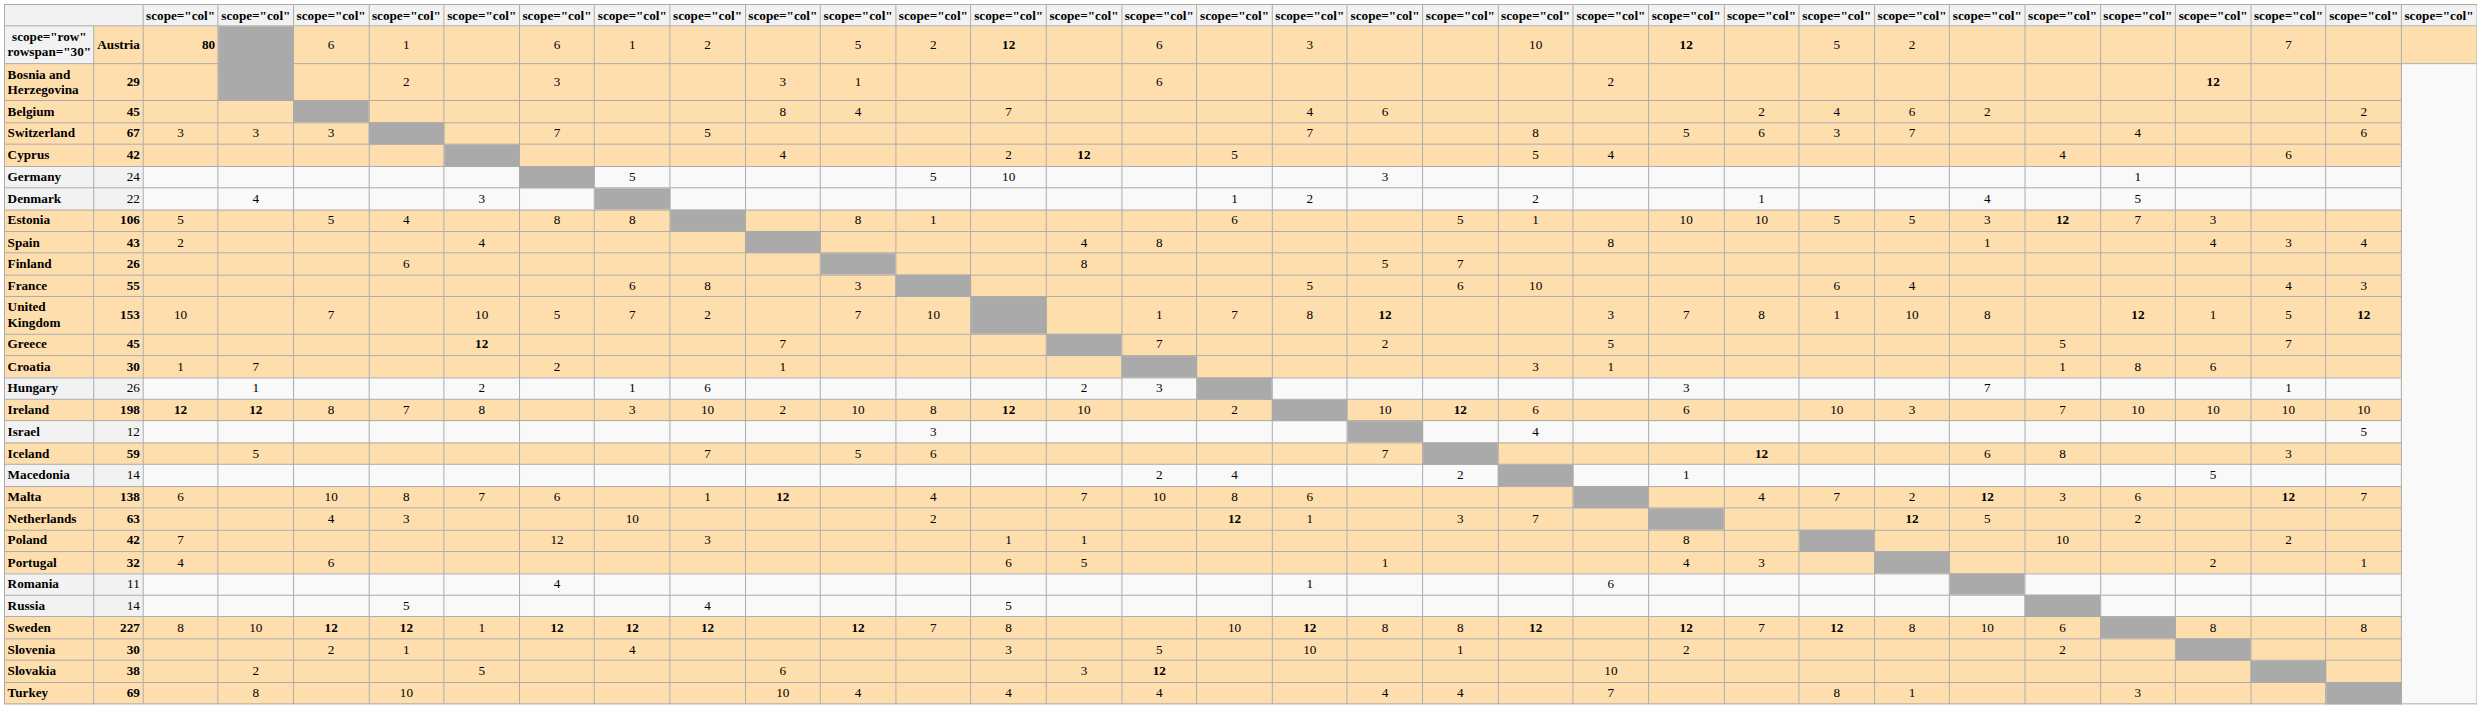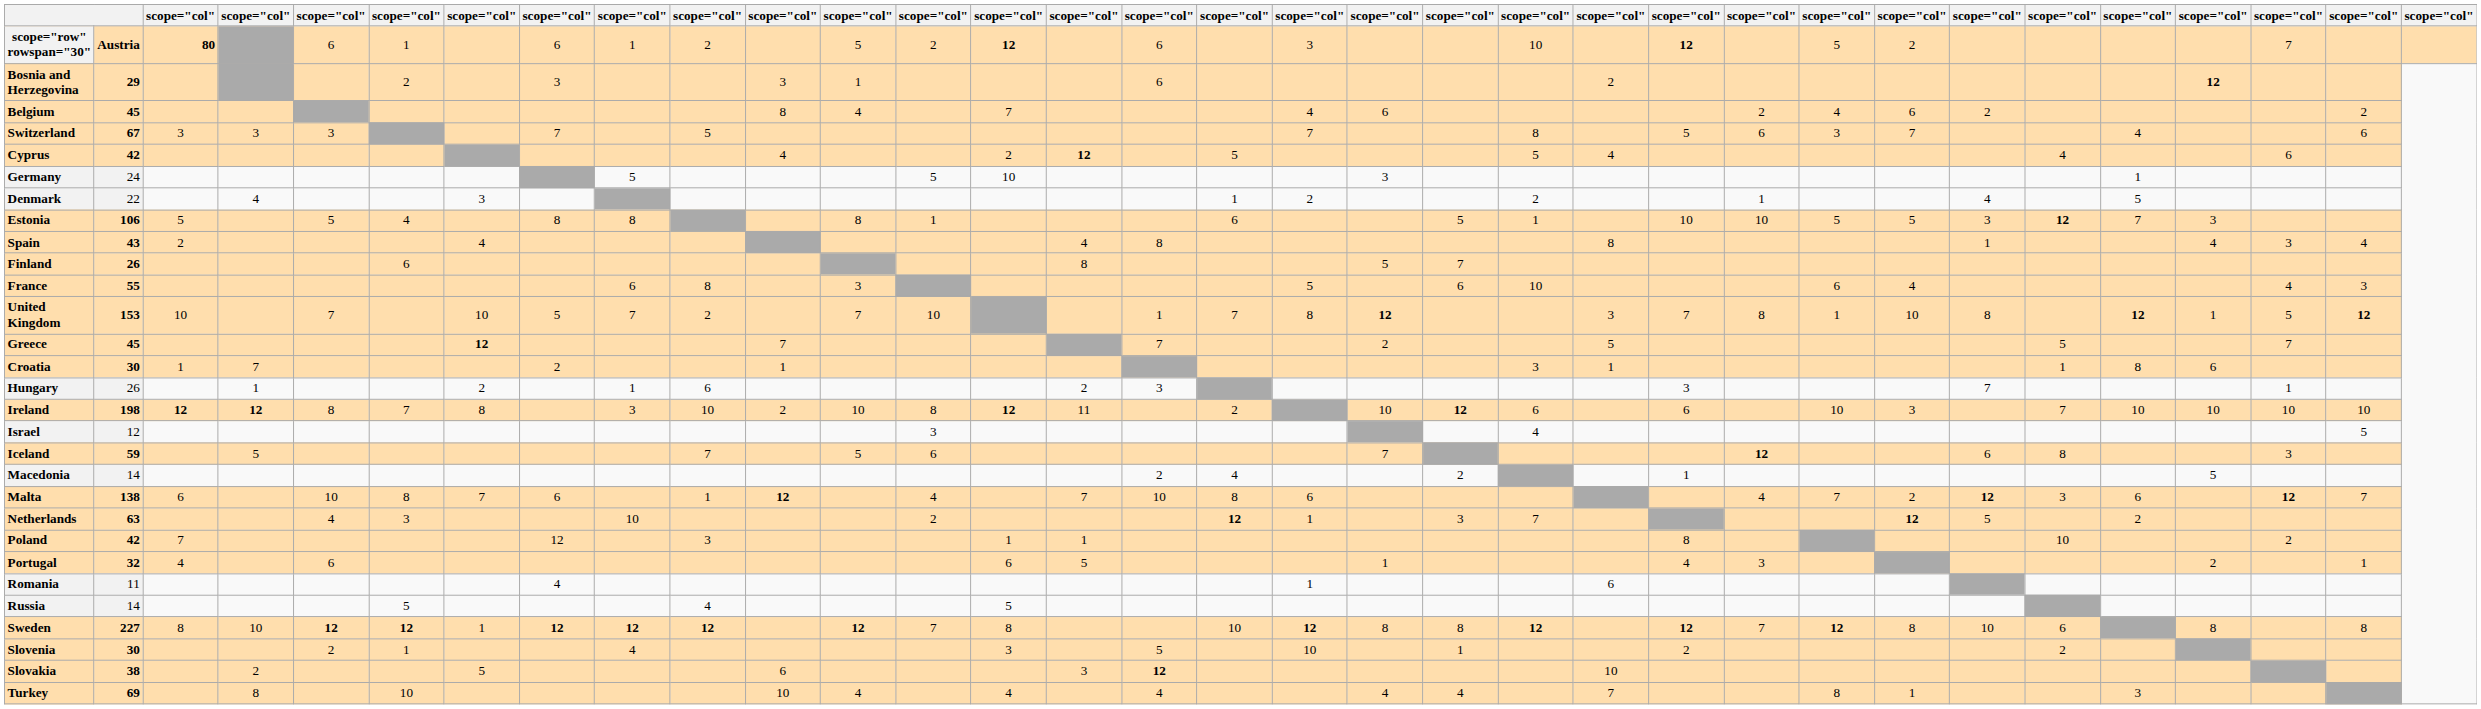 <table class="wikitable plainrowheaders" style="text-align:center; font-size:85%">
 <tr>
 </tr>
 <tr>
 <th colspan="2"></th>
 <th>scope="col" </th>
 <th>scope="col" </th>
 <th>scope="col" </th>
 <th>scope="col" </th>
 <th>scope="col" </th>
 <th>scope="col" </th>
 <th>scope="col" </th>
 <th>scope="col" </th>
 <th>scope="col" </th>
 <th>scope="col" </th>
 <th>scope="col" </th>
 <th>scope="col" </th>
 <th>scope="col" </th>
 <th>scope="col" </th>
 <th>scope="col" </th>
 <th>scope="col" </th>
 <th>scope="col" </th>
 <th>scope="col" </th>
 <th>scope="col" </th>
 <th>scope="col" </th>
 <th>scope="col" </th>
 <th>scope="col" </th>
 <th>scope="col" </th>
 <th>scope="col" </th>
 <th>scope="col" </th>
 <th>scope="col" </th>
 <th>scope="col" </th>
 <th>scope="col" </th>
 <th>scope="col" </th>
 <th>scope="col" </th>
 <th>scope="col" </th>
 </tr>
 <tr style="background:navajowhite;">
 <th>scope="row" rowspan="30" </th>
 <th scope="row" style="text-align:left; font-weight:bold; background:navajowhite;">Austria</th>
 <td style="text-align:right; font-weight:bold;">80</td>
 <td style="text-align:left; background:#aaa;"></td>
 <td>6</td>
 <td>1</td>
 <td></td>
 <td>6</td>
 <td>1</td>
 <td>2</td>
 <td></td>
 <td>5</td>
 <td>2</td>
 <td><strong>12</strong></td>
 <td></td>
 <td>6</td>
 <td></td>
 <td>3</td>
 <td></td>
 <td></td>
 <td>10</td>
 <td></td>
 <td><strong>12</strong></td>
 <td></td>
 <td>5</td>
 <td>2</td>
 <td></td>
 <td></td>
 <td></td>
 <td></td>
 <td>7</td>
 <td></td>
 <td></td>
 </tr>
 <tr style="background:navajowhite;">
 <th scope="row" style="text-align:left; font-weight:bold; background:navajowhite;">Bosnia and Herzegovina</th>
 <td style="text-align:right; font-weight:bold;">29</td>
 <td></td>
 <td style="text-align:left; background:#aaa;"></td>
 <td></td>
 <td>2</td>
 <td></td>
 <td>3</td>
 <td></td>
 <td></td>
 <td>3</td>
 <td>1</td>
 <td></td>
 <td></td>
 <td></td>
 <td>6</td>
 <td></td>
 <td></td>
 <td></td>
 <td></td>
 <td></td>
 <td>2</td>
 <td></td>
 <td></td>
 <td></td>
 <td></td>
 <td></td>
 <td></td>
 <td></td>
 <td><strong>12</strong></td>
 <td></td>
 <td></td>
 </tr>
 <tr style="background:navajowhite;">
 <th scope="row" style="text-align:left; font-weight:bold; background:navajowhite;">Belgium</th>
 <td style="text-align:right; font-weight:bold;">45</td>
 <td></td>
 <td></td>
 <td style="text-align:left; background:#aaa;"></td>
 <td></td>
 <td></td>
 <td></td>
 <td></td>
 <td></td>
 <td>8</td>
 <td>4</td>
 <td></td>
 <td>7</td>
 <td></td>
 <td></td>
 <td></td>
 <td>4</td>
 <td>6</td>
 <td></td>
 <td></td>
 <td></td>
 <td></td>
 <td>2</td>
 <td>4</td>
 <td>6</td>
 <td>2</td>
 <td></td>
 <td></td>
 <td></td>
 <td></td>
 <td>2</td>
 </tr>
 <tr style="background:navajowhite;">
 <th scope="row" style="text-align:left; font-weight:bold; background:navajowhite;">Switzerland</th>
 <td style="text-align:right; font-weight:bold;">67</td>
 <td>3</td>
 <td>3</td>
 <td>3</td>
 <td style="text-align:left; background:#aaa;"></td>
 <td></td>
 <td>7</td>
 <td></td>
 <td>5</td>
 <td></td>
 <td></td>
 <td></td>
 <td></td>
 <td></td>
 <td></td>
 <td></td>
 <td>7</td>
 <td></td>
 <td></td>
 <td>8</td>
 <td></td>
 <td>5</td>
 <td>6</td>
 <td>3</td>
 <td>7</td>
 <td></td>
 <td></td>
 <td>4</td>
 <td></td>
 <td></td>
 <td>6</td>
 </tr>
 <tr style="background:navajowhite;">
 <th scope="row" style="text-align:left; font-weight:bold; background:navajowhite;">Cyprus</th>
 <td style="text-align:right; font-weight:bold;">42</td>
 <td></td>
 <td></td>
 <td></td>
 <td></td>
 <td style="text-align:left; background:#aaa;"></td>
 <td></td>
 <td></td>
 <td></td>
 <td>4</td>
 <td></td>
 <td></td>
 <td>2</td>
 <td><strong>12</strong></td>
 <td></td>
 <td>5</td>
 <td></td>
 <td></td>
 <td></td>
 <td>5</td>
 <td>4</td>
 <td></td>
 <td></td>
 <td></td>
 <td></td>
 <td></td>
 <td>4</td>
 <td></td>
 <td></td>
 <td>6</td>
 <td></td>
 </tr>
 <tr>
 <th scope="row" style="text-align:left; background:#f2f2f2;">Germany</th>
 <td style="text-align:right; background:#f2f2f2;">24</td>
 <td></td>
 <td></td>
 <td></td>
 <td></td>
 <td></td>
 <td style="text-align:left; background:#aaa;"></td>
 <td>5</td>
 <td></td>
 <td></td>
 <td></td>
 <td>5</td>
 <td>10</td>
 <td></td>
 <td></td>
 <td></td>
 <td></td>
 <td>3</td>
 <td></td>
 <td></td>
 <td></td>
 <td></td>
 <td></td>
 <td></td>
 <td></td>
 <td></td>
 <td></td>
 <td>1</td>
 <td></td>
 <td></td>
 <td></td>
 </tr>
 <tr>
 <th scope="row" style="text-align:left; background:#f2f2f2;">Denmark</th>
 <td style="text-align:right; background:#f2f2f2;">22</td>
 <td></td>
 <td>4</td>
 <td></td>
 <td></td>
 <td>3</td>
 <td></td>
 <td style="text-align:left; background:#aaa;"></td>
 <td></td>
 <td></td>
 <td></td>
 <td></td>
 <td></td>
 <td></td>
 <td></td>
 <td>1</td>
 <td>2</td>
 <td></td>
 <td></td>
 <td>2</td>
 <td></td>
 <td></td>
 <td>1</td>
 <td></td>
 <td></td>
 <td>4</td>
 <td></td>
 <td>5</td>
 <td></td>
 <td></td>
 <td></td>
 </tr>
 <tr style="background:navajowhite;">
 <th scope="row" style="text-align:left; font-weight:bold; background:navajowhite;">Estonia</th>
 <td style="text-align:right; font-weight:bold;">106</td>
 <td>5</td>
 <td></td>
 <td>5</td>
 <td>4</td>
 <td></td>
 <td>8</td>
 <td>8</td>
 <td style="text-align:left; background:#aaa;"></td>
 <td></td>
 <td>8</td>
 <td>1</td>
 <td></td>
 <td></td>
 <td></td>
 <td>6</td>
 <td></td>
 <td></td>
 <td>5</td>
 <td>1</td>
 <td></td>
 <td>10</td>
 <td>10</td>
 <td>5</td>
 <td>5</td>
 <td>3</td>
 <td><strong>12</strong></td>
 <td>7</td>
 <td>3</td>
 <td></td>
 <td></td>
 </tr>
 <tr style="background:navajowhite;">
 <th scope="row" style="text-align:left; font-weight:bold; background:navajowhite;">Spain</th>
 <td style="text-align:right; font-weight:bold;">43</td>
 <td>2</td>
 <td></td>
 <td></td>
 <td></td>
 <td>4</td>
 <td></td>
 <td></td>
 <td></td>
 <td style="text-align:left; background:#aaa;"></td>
 <td></td>
 <td></td>
 <td></td>
 <td>4</td>
 <td>8</td>
 <td></td>
 <td></td>
 <td></td>
 <td></td>
 <td></td>
 <td>8</td>
 <td></td>
 <td></td>
 <td></td>
 <td></td>
 <td>1</td>
 <td></td>
 <td></td>
 <td>4</td>
 <td>3</td>
 <td>4</td>
 </tr>
 <tr style="background:navajowhite;">
 <th scope="row" style="text-align:left; font-weight:bold; background:navajowhite;">Finland</th>
 <td style="text-align:right; font-weight:bold;">26</td>
 <td></td>
 <td></td>
 <td></td>
 <td>6</td>
 <td></td>
 <td></td>
 <td></td>
 <td></td>
 <td></td>
 <td style="text-align:left; background:#aaa;"></td>
 <td></td>
 <td></td>
 <td>8</td>
 <td></td>
 <td></td>
 <td></td>
 <td>5</td>
 <td>7</td>
 <td></td>
 <td></td>
 <td></td>
 <td></td>
 <td></td>
 <td></td>
 <td></td>
 <td></td>
 <td></td>
 <td></td>
 <td></td>
 <td></td>
 </tr>
 <tr style="background:navajowhite;">
 <th scope="row" style="text-align:left; font-weight:bold; background:navajowhite;">France</th>
 <td style="text-align:right; font-weight:bold;">55</td>
 <td></td>
 <td></td>
 <td></td>
 <td></td>
 <td></td>
 <td></td>
 <td>6</td>
 <td>8</td>
 <td></td>
 <td>3</td>
 <td style="text-align:left; background:#aaa;"></td>
 <td></td>
 <td></td>
 <td></td>
 <td></td>
 <td>5</td>
 <td></td>
 <td>6</td>
 <td>10</td>
 <td></td>
 <td></td>
 <td></td>
 <td>6</td>
 <td>4</td>
 <td></td>
 <td></td>
 <td></td>
 <td></td>
 <td>4</td>
 <td>3</td>
 </tr>
 <tr style="background:navajowhite;">
 <th scope="row" style="text-align:left; font-weight:bold; background:navajowhite;">United Kingdom</th>
 <td style="text-align:right; font-weight:bold;">153</td>
 <td>10</td>
 <td></td>
 <td>7</td>
 <td></td>
 <td>10</td>
 <td>5</td>
 <td>7</td>
 <td>2</td>
 <td></td>
 <td>7</td>
 <td>10</td>
 <td style="text-align:left; background:#aaa;"></td>
 <td></td>
 <td>1</td>
 <td>7</td>
 <td>8</td>
 <td><strong>12</strong></td>
 <td></td>
 <td></td>
 <td>3</td>
 <td>7</td>
 <td>8</td>
 <td>1</td>
 <td>10</td>
 <td>8</td>
 <td></td>
 <td><strong>12</strong></td>
 <td>1</td>
 <td>5</td>
 <td><strong>12</strong></td>
 </tr>
 <tr style="background:navajowhite;">
 <th scope="row" style="text-align:left; font-weight:bold; background:navajowhite;">Greece</th>
 <td style="text-align:right; font-weight:bold;">45</td>
 <td></td>
 <td></td>
 <td></td>
 <td></td>
 <td><strong>12</strong></td>
 <td></td>
 <td></td>
 <td></td>
 <td>7</td>
 <td></td>
 <td></td>
 <td></td>
 <td style="text-align:left; background:#aaa;"></td>
 <td>7</td>
 <td></td>
 <td></td>
 <td>2</td>
 <td></td>
 <td></td>
 <td>5</td>
 <td></td>
 <td></td>
 <td></td>
 <td></td>
 <td></td>
 <td>5</td>
 <td></td>
 <td></td>
 <td>7</td>
 <td></td>
 </tr>
 <tr style="background:navajowhite;">
 <th scope="row" style="text-align:left; font-weight:bold; background:navajowhite;">Croatia</th>
 <td style="text-align:right; font-weight:bold;">30</td>
 <td>1</td>
 <td>7</td>
 <td></td>
 <td></td>
 <td></td>
 <td>2</td>
 <td></td>
 <td></td>
 <td>1</td>
 <td></td>
 <td></td>
 <td></td>
 <td></td>
 <td style="text-align:left; background:#aaa;"></td>
 <td></td>
 <td></td>
 <td></td>
 <td></td>
 <td>3</td>
 <td>1</td>
 <td></td>
 <td></td>
 <td></td>
 <td></td>
 <td></td>
 <td>1</td>
 <td>8</td>
 <td>6</td>
 <td></td>
 <td></td>
 </tr>
 <tr>
 <th scope="row" style="text-align:left; background:#f2f2f2;">Hungary</th>
 <td style="text-align:right; background:#f2f2f2;">26</td>
 <td></td>
 <td>1</td>
 <td></td>
 <td></td>
 <td>2</td>
 <td></td>
 <td>1</td>
 <td>6</td>
 <td></td>
 <td></td>
 <td></td>
 <td></td>
 <td>2</td>
 <td>3</td>
 <td style="text-align:left; background:#aaa;"></td>
 <td></td>
 <td></td>
 <td></td>
 <td></td>
 <td></td>
 <td>3</td>
 <td></td>
 <td></td>
 <td></td>
 <td>7</td>
 <td></td>
 <td></td>
 <td></td>
 <td>1</td>
 <td></td>
 </tr>
 <tr style="background:navajowhite;">
 <th scope="row" style="text-align:left; font-weight:bold; background:navajowhite;">Ireland</th>
 <td style="text-align:right; font-weight:bold;">198</td>
 <td><strong>12</strong></td>
 <td><strong>12</strong></td>
 <td>8</td>
 <td>7</td>
 <td>8</td>
 <td></td>
 <td>3</td>
 <td>10</td>
 <td>2</td>
 <td>10</td>
 <td>8</td>
 <td><strong>12</strong></td>
-<td>10</td>
+<td>11</td>
 <td></td>
 <td>2</td>
 <td style="text-align:left; background:#aaa;"></td>
 <td>10</td>
 <td><strong>12</strong></td>
 <td>6</td>
 <td></td>
 <td>6</td>
 <td></td>
 <td>10</td>
 <td>3</td>
 <td></td>
 <td>7</td>
 <td>10</td>
 <td>10</td>
 <td>10</td>
 <td>10</td>
 </tr>
 <tr>
 <th scope="row" style="text-align:left; background:#f2f2f2;">Israel</th>
 <td style="text-align:right; background:#f2f2f2;">12</td>
 <td></td>
 <td></td>
 <td></td>
 <td></td>
 <td></td>
 <td></td>
 <td></td>
 <td></td>
 <td></td>
 <td></td>
 <td>3</td>
 <td></td>
 <td></td>
 <td></td>
 <td></td>
 <td></td>
 <td style="text-align:left; background:#aaa;"></td>
 <td></td>
 <td>4</td>
 <td></td>
 <td></td>
 <td></td>
 <td></td>
 <td></td>
 <td></td>
 <td></td>
 <td></td>
 <td></td>
 <td></td>
 <td>5</td>
 </tr>
 <tr style="background:navajowhite;">
 <th scope="row" style="text-align:left; font-weight:bold; background:navajowhite;">Iceland</th>
 <td style="text-align:right; font-weight:bold;">59</td>
 <td></td>
 <td>5</td>
 <td></td>
 <td></td>
 <td></td>
 <td></td>
 <td></td>
 <td>7</td>
 <td></td>
 <td>5</td>
 <td>6</td>
 <td></td>
 <td></td>
 <td></td>
 <td></td>
 <td></td>
 <td>7</td>
 <td style="text-align:left; background:#aaa;"></td>
 <td></td>
 <td></td>
 <td></td>
 <td><strong>12</strong></td>
 <td></td>
 <td></td>
 <td>6</td>
 <td>8</td>
 <td></td>
 <td></td>
 <td>3</td>
 <td></td>
 </tr>
 <tr>
 <th scope="row" style="text-align:left; background:#f2f2f2;">Macedonia</th>
 <td style="text-align:right; background:#f2f2f2;">14</td>
 <td></td>
 <td></td>
 <td></td>
 <td></td>
 <td></td>
 <td></td>
 <td></td>
 <td></td>
 <td></td>
 <td></td>
 <td></td>
 <td></td>
 <td></td>
 <td>2</td>
 <td>4</td>
 <td></td>
 <td></td>
 <td>2</td>
 <td style="text-align:left; background:#aaa;"></td>
 <td></td>
 <td>1</td>
 <td></td>
 <td></td>
 <td></td>
 <td></td>
 <td></td>
 <td></td>
 <td>5</td>
 <td></td>
 <td></td>
 </tr>
 <tr style="background:navajowhite;">
 <th scope="row" style="text-align:left; font-weight:bold; background:navajowhite;">Malta</th>
 <td style="text-align:right; font-weight:bold;">138</td>
 <td>6</td>
 <td></td>
 <td>10</td>
 <td>8</td>
 <td>7</td>
 <td>6</td>
 <td></td>
 <td>1</td>
 <td><strong>12</strong></td>
 <td></td>
 <td>4</td>
 <td></td>
 <td>7</td>
 <td>10</td>
 <td>8</td>
 <td>6</td>
 <td></td>
 <td></td>
 <td></td>
 <td style="text-align:left; background:#aaa;"></td>
 <td></td>
 <td>4</td>
 <td>7</td>
 <td>2</td>
 <td><strong>12</strong></td>
 <td>3</td>
 <td>6</td>
 <td></td>
 <td><strong>12</strong></td>
 <td>7</td>
 </tr>
 <tr style="background:navajowhite;">
 <th scope="row" style="text-align:left; font-weight:bold; background:navajowhite;">Netherlands</th>
 <td style="text-align:right; font-weight:bold;">63</td>
 <td></td>
 <td></td>
 <td>4</td>
 <td>3</td>
 <td></td>
 <td></td>
 <td>10</td>
 <td></td>
 <td></td>
 <td></td>
 <td>2</td>
 <td></td>
 <td></td>
 <td></td>
 <td><strong>12</strong></td>
 <td>1</td>
 <td></td>
 <td>3</td>
 <td>7</td>
 <td></td>
 <td style="text-align:left; background:#aaa;"></td>
 <td></td>
 <td></td>
 <td><strong>12</strong></td>
 <td>5</td>
 <td></td>
 <td>2</td>
 <td></td>
 <td></td>
 <td></td>
 </tr>
 <tr style="background:navajowhite;">
 <th scope="row" style="text-align:left; font-weight:bold; background:navajowhite;">Poland</th>
 <td style="text-align:right; font-weight:bold;">42</td>
 <td>7</td>
 <td></td>
 <td></td>
 <td></td>
 <td></td>
 <td>12</td>
 <td></td>
 <td>3</td>
 <td></td>
 <td></td>
 <td></td>
 <td>1</td>
 <td>1</td>
 <td></td>
 <td></td>
 <td></td>
 <td></td>
 <td></td>
 <td></td>
 <td></td>
 <td>8</td>
 <td></td>
 <td style="text-align:left; background:#aaa;"></td>
 <td></td>
 <td></td>
 <td>10</td>
 <td></td>
 <td></td>
 <td>2</td>
 <td></td>
 </tr>
 <tr style="background:navajowhite;">
 <th scope="row" style="text-align:left; font-weight:bold; background:navajowhite;">Portugal</th>
 <td style="text-align:right; font-weight:bold;">32</td>
 <td>4</td>
 <td></td>
 <td>6</td>
 <td></td>
 <td></td>
 <td></td>
 <td></td>
 <td></td>
 <td></td>
 <td></td>
 <td></td>
 <td>6</td>
 <td>5</td>
 <td></td>
 <td></td>
 <td></td>
 <td>1</td>
 <td></td>
 <td></td>
 <td></td>
 <td>4</td>
 <td>3</td>
 <td></td>
 <td style="text-align:left; background:#aaa;"></td>
 <td></td>
 <td></td>
 <td></td>
 <td>2</td>
 <td></td>
 <td>1</td>
 </tr>
 <tr>
 <th scope="row" style="text-align:left; background:#f2f2f2;">Romania</th>
 <td style="text-align:right; background:#f2f2f2;">11</td>
 <td></td>
 <td></td>
 <td></td>
 <td></td>
 <td></td>
 <td>4</td>
 <td></td>
 <td></td>
 <td></td>
 <td></td>
 <td></td>
 <td></td>
 <td></td>
 <td></td>
 <td></td>
 <td>1</td>
 <td></td>
 <td></td>
 <td></td>
 <td>6</td>
 <td></td>
 <td></td>
 <td></td>
 <td></td>
 <td style="text-align:left; background:#aaa;"></td>
 <td></td>
 <td></td>
 <td></td>
 <td></td>
 <td></td>
 </tr>
 <tr>
 <th scope="row" style="text-align:left; background:#f2f2f2;">Russia</th>
 <td style="text-align:right; background:#f2f2f2;">14</td>
 <td></td>
 <td></td>
 <td></td>
 <td>5</td>
 <td></td>
 <td></td>
 <td></td>
 <td>4</td>
 <td></td>
 <td></td>
 <td></td>
 <td>5</td>
 <td></td>
 <td></td>
 <td></td>
 <td></td>
 <td></td>
 <td></td>
 <td></td>
 <td></td>
 <td></td>
 <td></td>
 <td></td>
 <td></td>
 <td></td>
 <td style="text-align:left; background:#aaa;"></td>
 <td></td>
 <td></td>
 <td></td>
 <td></td>
 </tr>
 <tr style="background:navajowhite;">
 <th scope="row" style="text-align:left; font-weight:bold; background:navajowhite;">Sweden</th>
 <td style="text-align:right; font-weight:bold;">227</td>
 <td>8</td>
 <td>10</td>
 <td><strong>12</strong></td>
 <td><strong>12</strong></td>
 <td>1</td>
 <td><strong>12</strong></td>
 <td><strong>12</strong></td>
 <td><strong>12</strong></td>
 <td></td>
 <td><strong>12</strong></td>
 <td>7</td>
 <td>8</td>
 <td></td>
 <td></td>
 <td>10</td>
 <td><strong>12</strong></td>
 <td>8</td>
 <td>8</td>
 <td><strong>12</strong></td>
 <td></td>
 <td><strong>12</strong></td>
 <td>7</td>
 <td><strong>12</strong></td>
 <td>8</td>
 <td>10</td>
 <td>6</td>
 <td style="text-align:left; background:#aaa;"></td>
 <td>8</td>
 <td></td>
 <td>8</td>
 </tr>
 <tr style="background:navajowhite;">
 <th scope="row" style="text-align:left; font-weight:bold; background:navajowhite;">Slovenia</th>
 <td style="text-align:right; font-weight:bold;">30</td>
 <td></td>
 <td></td>
 <td>2</td>
 <td>1</td>
 <td></td>
 <td></td>
 <td>4</td>
 <td></td>
 <td></td>
 <td></td>
 <td></td>
 <td>3</td>
 <td></td>
 <td>5</td>
 <td></td>
 <td>10</td>
 <td></td>
 <td>1</td>
 <td></td>
 <td></td>
 <td>2</td>
 <td></td>
 <td></td>
 <td></td>
 <td></td>
 <td>2</td>
 <td></td>
 <td style="text-align:left; background:#aaa;"></td>
 <td></td>
 <td></td>
 </tr>
 <tr style="background:navajowhite;">
 <th scope="row" style="text-align:left; font-weight:bold; background:navajowhite;">Slovakia</th>
 <td style="text-align:right; font-weight:bold;">38</td>
 <td></td>
 <td>2</td>
 <td></td>
 <td></td>
 <td>5</td>
 <td></td>
 <td></td>
 <td></td>
 <td>6</td>
 <td></td>
 <td></td>
 <td></td>
 <td>3</td>
 <td><strong>12</strong></td>
 <td></td>
 <td></td>
 <td></td>
 <td></td>
 <td></td>
 <td>10</td>
 <td></td>
 <td></td>
 <td></td>
 <td></td>
 <td></td>
 <td></td>
 <td></td>
 <td></td>
 <td style="text-align:left; background:#aaa;"></td>
 <td></td>
 </tr>
 <tr style="background:navajowhite;">
 <th scope="row" style="text-align:left; font-weight:bold; background:navajowhite;">Turkey</th>
 <td style="text-align:right; font-weight:bold;">69</td>
 <td></td>
 <td>8</td>
 <td></td>
 <td>10</td>
 <td></td>
 <td></td>
 <td></td>
 <td></td>
 <td>10</td>
 <td>4</td>
 <td></td>
 <td>4</td>
 <td></td>
 <td>4</td>
 <td></td>
 <td></td>
 <td>4</td>
 <td>4</td>
 <td></td>
 <td>7</td>
 <td></td>
 <td></td>
 <td>8</td>
 <td>1</td>
 <td></td>
 <td></td>
 <td>3</td>
 <td></td>
 <td></td>
 <td style="text-align:left; background:#aaa;"></td>
 </tr>
 </table>
